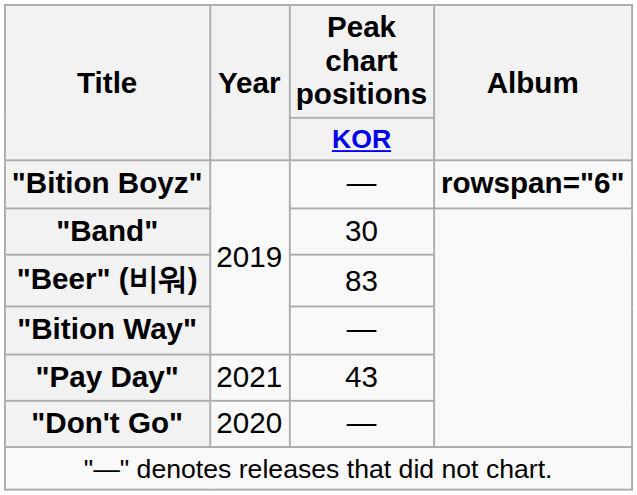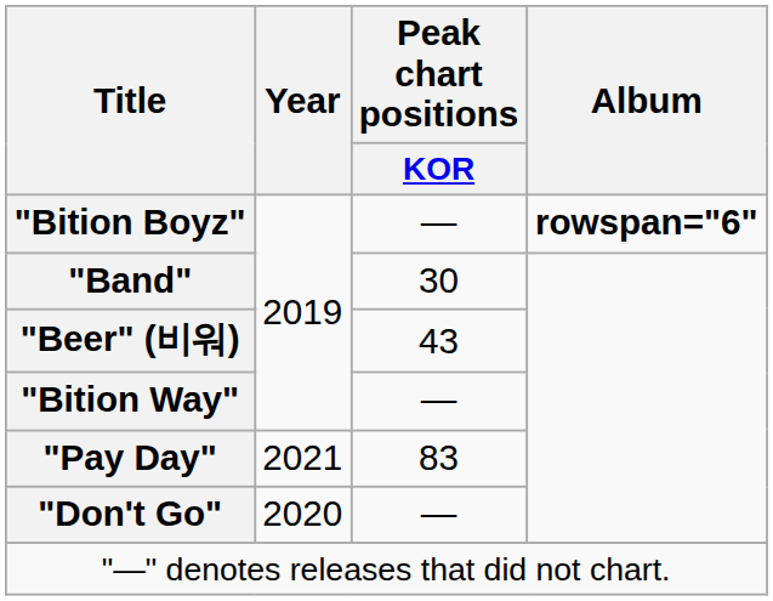 <table class="wikitable plainrowheaders" style="text-align:center;">
 <tr>
 <th scope="col" rowspan="2">Title</th>
 <th scope="col" rowspan="2">Year</th>
 <th scope="col" colspan="1">Peak chart <br> positions</th>
 <th scope="col" rowspan="2">Album</th>
 </tr>
 <tr>
 <th scope="col" style="width:3em;font-size:90%;"><a href='#'>KOR</a><br></th>
 </tr>
 <tr>
 <th scope="row">"Bition Boyz" <br></th>
 <td rowspan="4">2019</td>
 <td>—</td>
 <td><strong>rowspan="6" </strong></td>
 </tr>
 <tr>
 <th scope="row">"Band"<br></th>
 <td>30</td>
 </tr>
 <tr>
 <th scope="row">"Beer" (비워)<br></th>
-<td>83</td>
+<td>43</td>
 </tr>
 <tr>
 <th scope="row">"Bition Way"<br></th>
 <td>—</td>
 </tr>
 <tr>
 <th scope="row">"Pay Day"<br></th>
 <td>2021</td>
-<td>43</td>
+<td>83</td>
 </tr>
 <tr>
 <th scope="row">"Don't Go"<br></th>
 <td>2020</td>
 <td>—</td>
 </tr>
 <tr>
 <td colspan="4" style="font-size:90%">"—" denotes releases that did not chart.</td>
 </tr>
 </table>
